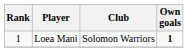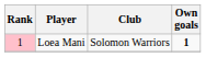 <table class="wikitable" style="text-align:center">
 <tr>
 <th>Rank</th>
 <th>Player</th>
 <th>Club</th>
 <th>Own<br>goals</th>
 </tr>
 <tr>
-<td>1</td>
+<td style="background: pink;">1</td>
 <td>Loea Mani</td>
 <td>Solomon Warriors</td>
 <td><strong>1</strong></td>
 </tr>
 <tr>
 </tr>
 </table>
